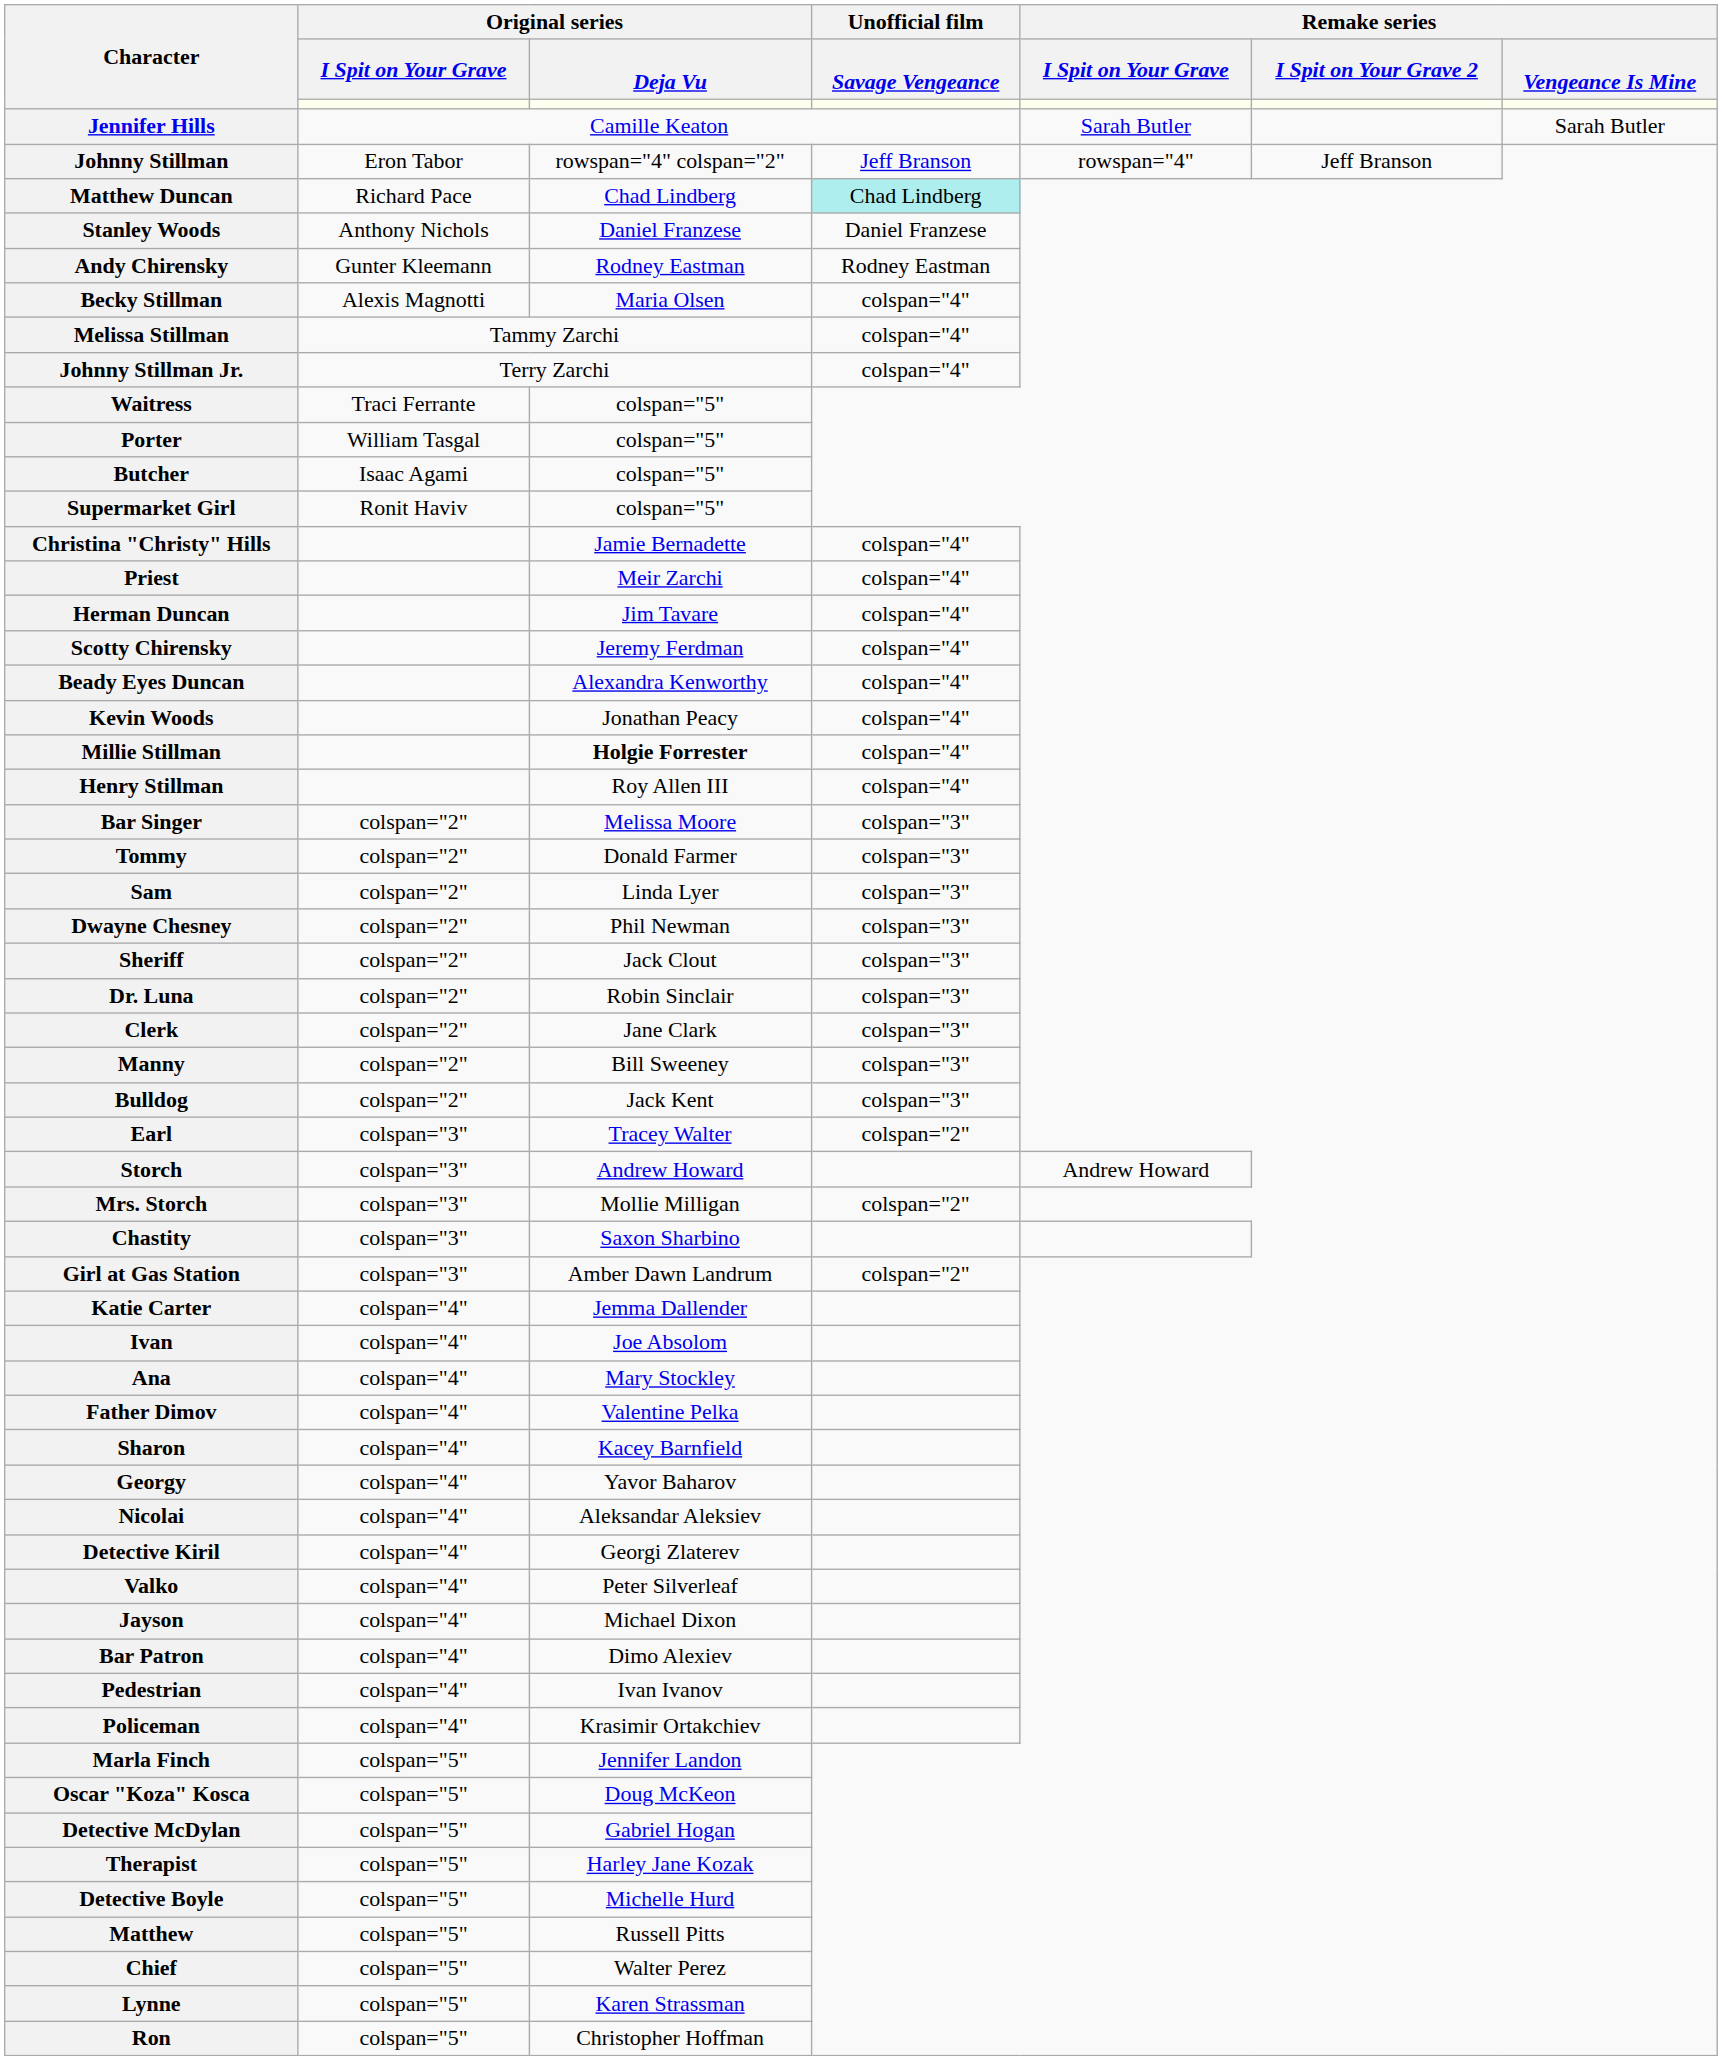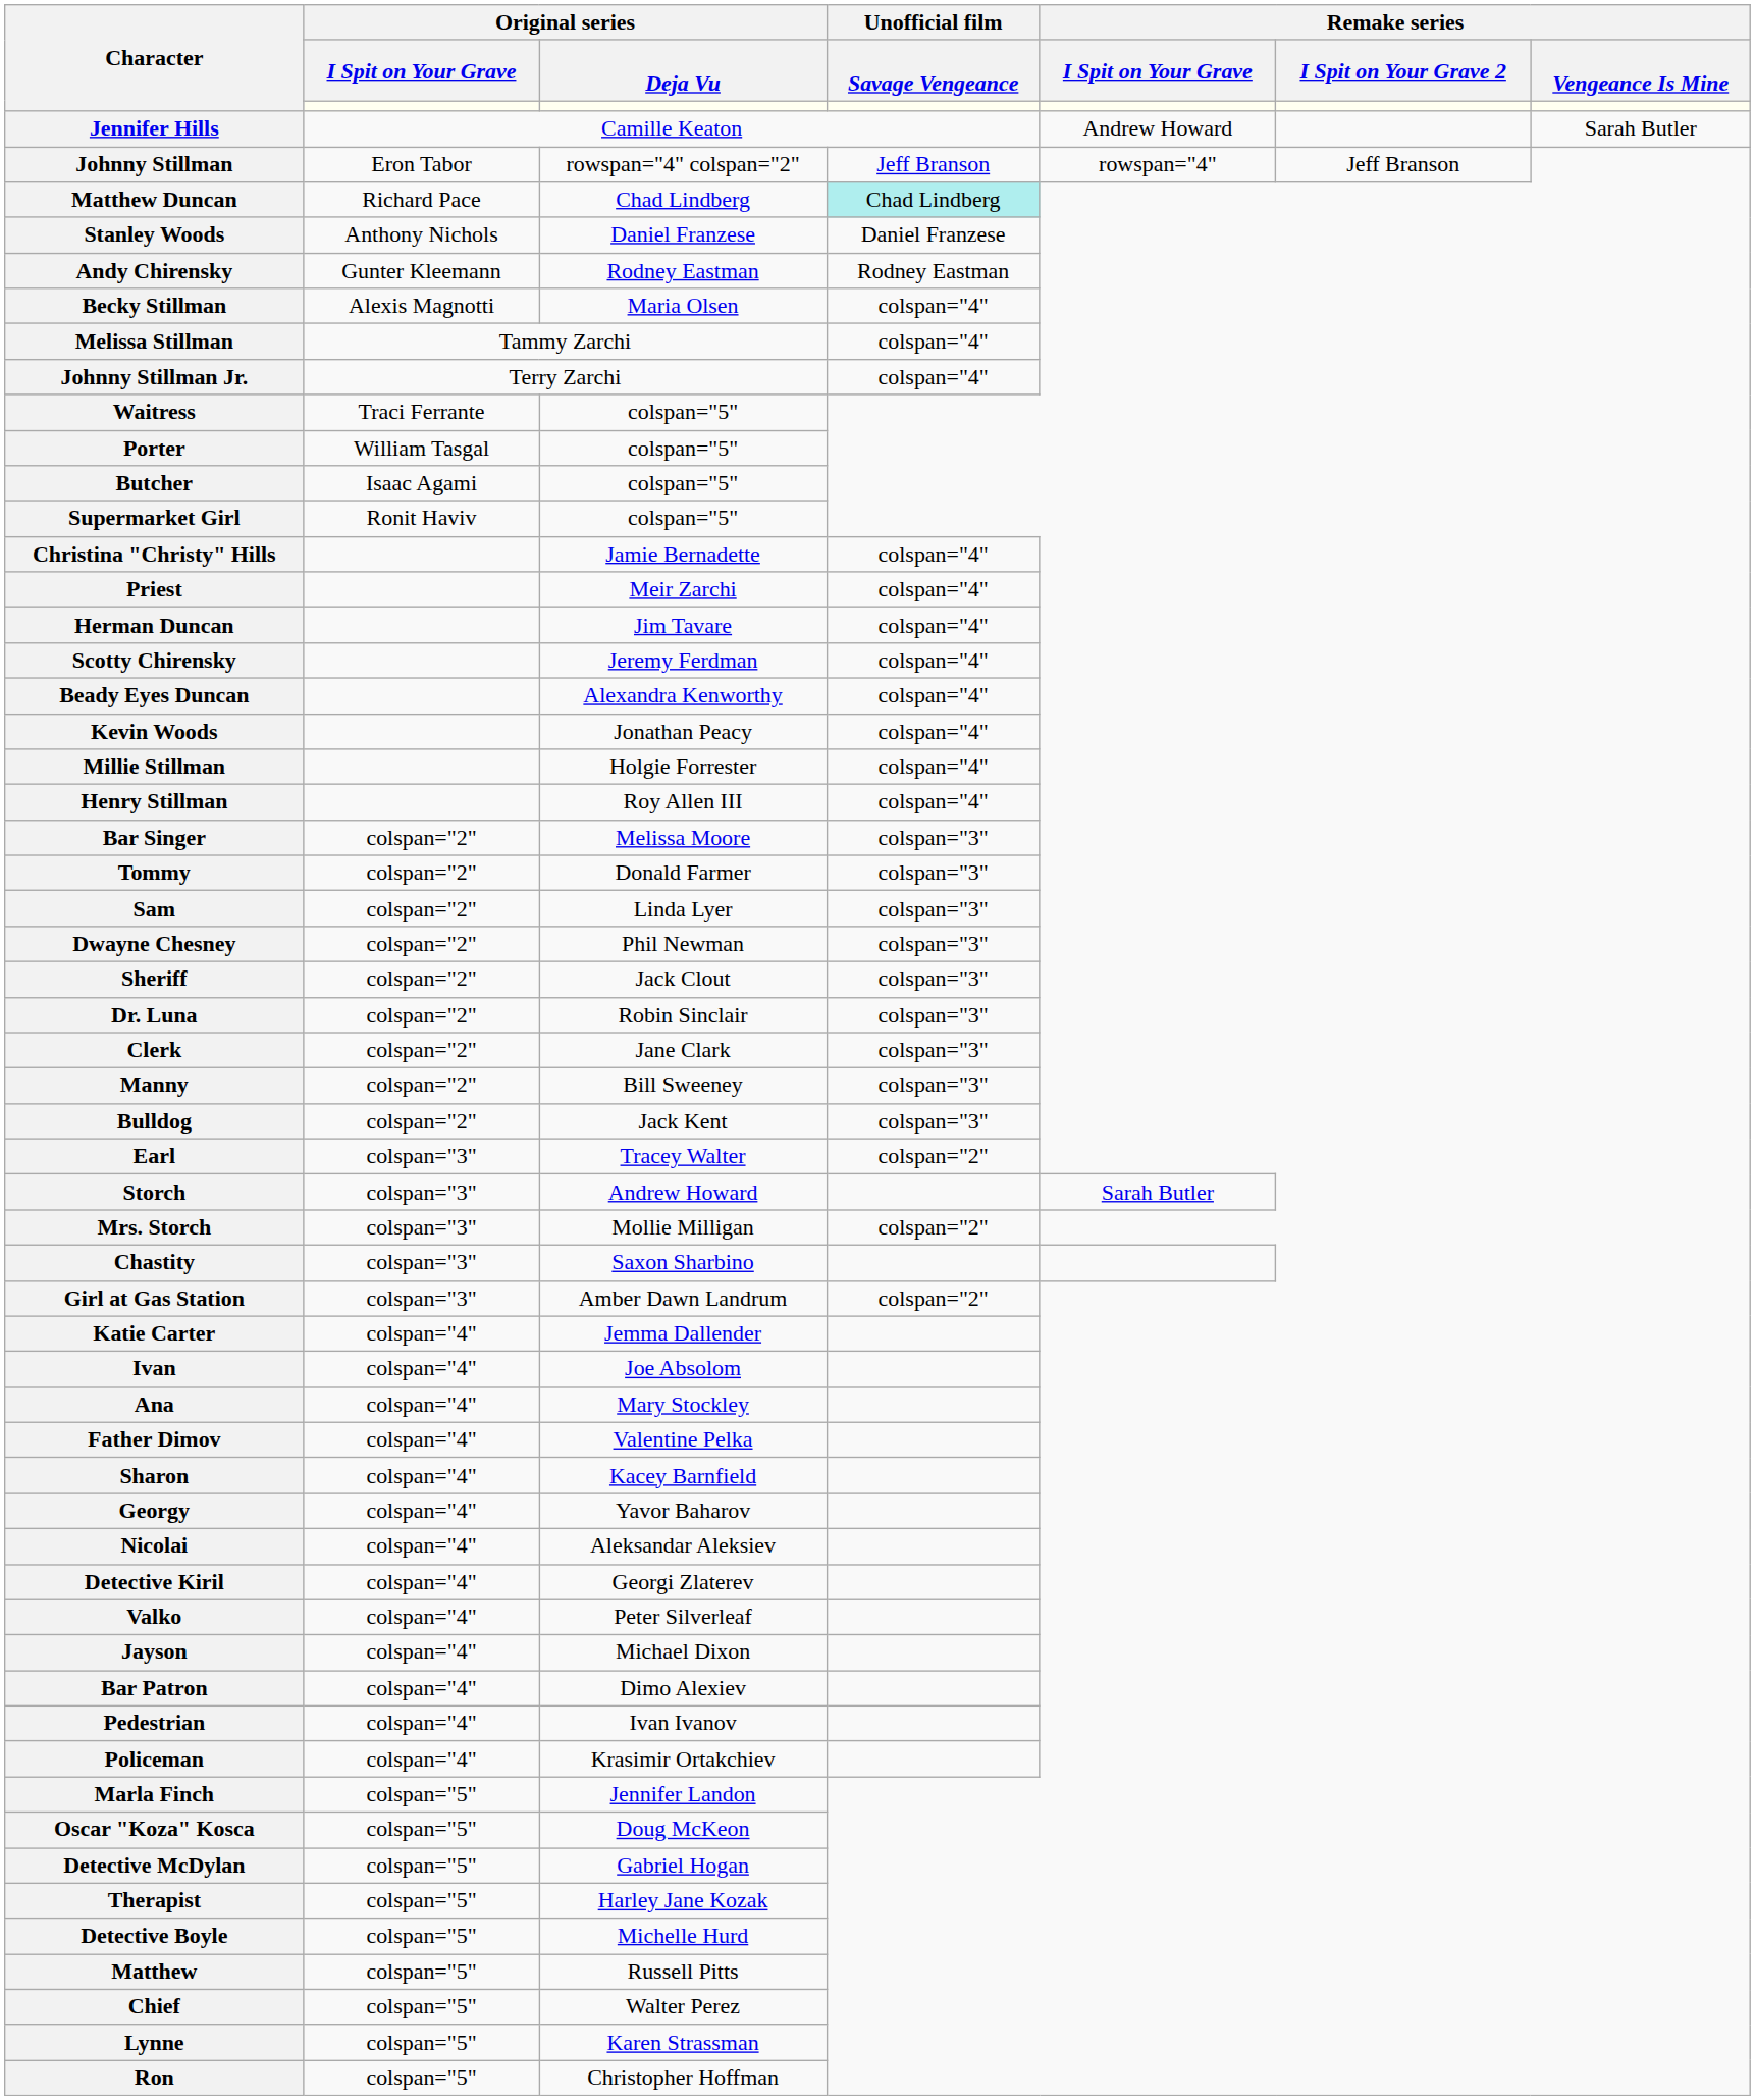 <table class="wikitable" style="text-align:center; width:99%;">
 <tr>
 <th rowspan="3">Character</th>
 <th colspan="2" style="text-align:center;">Original series</th>
 <th style="text-align:center;">Unofficial film</th>
 <th colspan="3" style="text-align:center;">Remake series</th>
 </tr>
 <tr>
 <th style="text-align:center;"><em><a href='#'>I Spit on Your Grave</a></em></th>
 <th style="text-align:center;"><a href='#'><em><br>Deja Vu</em></a></th>
 <th style="text-align:center;"><a href='#'><em><br>Savage Vengeance</em></a></th>
 <th style="text-align:center;"><a href='#'><em>I Spit on Your Grave</em></a></th>
 <th style="text-align:center;"><em><a href='#'>I Spit on Your Grave 2</a></em></th>
 <th style="text-align:center;"><a href='#'><em><br>Vengeance Is Mine</em></a></th>
 </tr>
 <tr>
 <th style="background:ivory;"><span></span></th>
 <th style="background:ivory;"><span></span></th>
 <th style="background:ivory;"><span></span></th>
 <th style="background:ivory;"><span></span></th>
 <th style="background:ivory;"><span></span></th>
 <th style="background:ivory;"><span></span></th>
 </tr>
 <tr>
 <th><a href='#'>Jennifer Hills<br></a></th>
 <td colspan="3"><a href='#'>Camille Keaton</a></td>
-<td><a href='#'>Sarah Butler</a></td>
+<td>Andrew Howard</td>
 <td></td>
 <td>Sarah Butler</td>
 </tr>
 <tr>
 <th>Johnny Stillman</th>
 <td>Eron Tabor</td>
 <td>rowspan="4" colspan="2" </td>
 <td><a href='#'>Jeff Branson</a></td>
 <td>rowspan="4" </td>
 <td>Jeff Branson</td>
 </tr>
 <tr>
 <th>Matthew Duncan</th>
 <td>Richard Pace</td>
 <td><a href='#'>Chad Lindberg</a></td>
 <td style="background: paleturquoise;">Chad Lindberg</td>
 </tr>
 <tr>
 <th>Stanley Woods</th>
 <td>Anthony Nichols</td>
 <td><a href='#'>Daniel Franzese</a></td>
 <td>Daniel Franzese</td>
 </tr>
 <tr>
 <th>Andy Chirensky</th>
 <td>Gunter Kleemann</td>
 <td><a href='#'>Rodney Eastman</a></td>
 <td>Rodney Eastman</td>
 </tr>
 <tr>
 <th>Becky Stillman</th>
 <td>Alexis Magnotti</td>
 <td><a href='#'>Maria Olsen</a></td>
 <td>colspan="4" </td>
 </tr>
 <tr>
 <th>Melissa Stillman</th>
 <td colspan="2">Tammy Zarchi</td>
 <td>colspan="4" </td>
 </tr>
 <tr>
 <th>Johnny Stillman Jr.</th>
 <td colspan="2">Terry Zarchi</td>
 <td>colspan="4" </td>
 </tr>
 <tr>
 <th>Waitress</th>
 <td>Traci Ferrante</td>
 <td>colspan="5" </td>
 </tr>
 <tr>
 <th>Porter</th>
 <td>William Tasgal</td>
 <td>colspan="5" </td>
 </tr>
 <tr>
 <th>Butcher</th>
 <td>Isaac Agami</td>
 <td>colspan="5" </td>
 </tr>
 <tr>
 <th>Supermarket Girl</th>
 <td>Ronit Haviv</td>
 <td>colspan="5" </td>
 </tr>
 <tr>
 <th>Christina "Christy" Hills</th>
 <td></td>
 <td><a href='#'>Jamie Bernadette</a></td>
 <td>colspan="4" </td>
 </tr>
 <tr>
 <th>Priest</th>
 <td></td>
 <td><a href='#'>Meir Zarchi</a></td>
 <td>colspan="4" </td>
 </tr>
 <tr>
 <th>Herman Duncan</th>
 <td></td>
 <td><a href='#'>Jim Tavare</a></td>
 <td>colspan="4" </td>
 </tr>
 <tr>
 <th>Scotty Chirensky</th>
 <td></td>
 <td><a href='#'>Jeremy Ferdman</a></td>
 <td>colspan="4" </td>
 </tr>
 <tr>
 <th>Beady Eyes Duncan</th>
 <td></td>
 <td><a href='#'>Alexandra Kenworthy</a></td>
 <td>colspan="4" </td>
 </tr>
 <tr>
 <th>Kevin Woods</th>
 <td></td>
 <td>Jonathan Peacy</td>
 <td>colspan="4" </td>
 </tr>
 <tr>
 <th>Millie Stillman</th>
 <td></td>
-<td><strong>Holgie Forrester</strong></td>
+<td>Holgie Forrester</td>
 <td>colspan="4" </td>
 </tr>
 <tr>
 <th>Henry Stillman</th>
 <td></td>
 <td>Roy Allen III</td>
 <td>colspan="4" </td>
 </tr>
 <tr>
 <th>Bar Singer</th>
 <td>colspan="2" </td>
 <td><a href='#'>Melissa Moore</a></td>
 <td>colspan="3" </td>
 </tr>
 <tr>
 <th>Tommy</th>
 <td>colspan="2" </td>
 <td>Donald Farmer</td>
 <td>colspan="3" </td>
 </tr>
 <tr>
 <th>Sam</th>
 <td>colspan="2" </td>
 <td>Linda Lyer</td>
 <td>colspan="3" </td>
 </tr>
 <tr>
 <th>Dwayne Chesney</th>
 <td>colspan="2" </td>
 <td>Phil Newman</td>
 <td>colspan="3" </td>
 </tr>
 <tr>
 <th>Sheriff</th>
 <td>colspan="2" </td>
 <td>Jack Clout</td>
 <td>colspan="3" </td>
 </tr>
 <tr>
 <th>Dr. Luna</th>
 <td>colspan="2" </td>
 <td>Robin Sinclair</td>
 <td>colspan="3" </td>
 </tr>
 <tr>
 <th>Clerk</th>
 <td>colspan="2" </td>
 <td>Jane Clark</td>
 <td>colspan="3" </td>
 </tr>
 <tr>
 <th>Manny</th>
 <td>colspan="2" </td>
 <td>Bill Sweeney</td>
 <td>colspan="3" </td>
 </tr>
 <tr>
 <th>Bulldog</th>
 <td>colspan="2" </td>
 <td>Jack Kent</td>
 <td>colspan="3" </td>
 </tr>
 <tr>
 <th>Earl</th>
 <td>colspan="3" </td>
 <td><a href='#'>Tracey Walter</a></td>
 <td>colspan="2" </td>
 </tr>
 <tr>
 <th>Storch</th>
 <td>colspan="3" </td>
 <td><a href='#'>Andrew Howard</a></td>
 <td></td>
-<td>Andrew Howard</td>
+<td><a href='#'>Sarah Butler</a></td>
 </tr>
 <tr>
 <th>Mrs. Storch</th>
 <td>colspan="3" </td>
 <td>Mollie Milligan</td>
 <td>colspan="2" </td>
 </tr>
 <tr>
 <th>Chastity</th>
 <td>colspan="3" </td>
 <td><a href='#'>Saxon Sharbino</a></td>
 <td></td>
 <td></td>
 </tr>
 <tr>
 <th>Girl at Gas Station</th>
 <td>colspan="3" </td>
 <td>Amber Dawn Landrum</td>
 <td>colspan="2" </td>
 </tr>
 <tr>
 <th>Katie Carter</th>
 <td>colspan="4" </td>
 <td><a href='#'>Jemma Dallender</a></td>
 <td></td>
 </tr>
 <tr>
 <th>Ivan</th>
 <td>colspan="4" </td>
 <td><a href='#'>Joe Absolom</a></td>
 <td></td>
 </tr>
 <tr>
 <th>Ana</th>
 <td>colspan="4" </td>
 <td><a href='#'>Mary Stockley</a></td>
 <td></td>
 </tr>
 <tr>
 <th>Father Dimov</th>
 <td>colspan="4" </td>
 <td><a href='#'>Valentine Pelka</a></td>
 <td></td>
 </tr>
 <tr>
 <th>Sharon</th>
 <td>colspan="4" </td>
 <td><a href='#'>Kacey Barnfield</a></td>
 <td></td>
 </tr>
 <tr>
 <th>Georgy</th>
 <td>colspan="4" </td>
 <td>Yavor Baharov</td>
 <td></td>
 </tr>
 <tr>
 <th>Nicolai</th>
 <td>colspan="4" </td>
 <td>Aleksandar Aleksiev</td>
 <td></td>
 </tr>
 <tr>
 <th>Detective Kiril</th>
 <td>colspan="4" </td>
 <td>Georgi Zlaterev</td>
 <td></td>
 </tr>
 <tr>
 <th>Valko</th>
 <td>colspan="4" </td>
 <td>Peter Silverleaf</td>
 <td></td>
 </tr>
 <tr>
 <th>Jayson</th>
 <td>colspan="4" </td>
 <td>Michael Dixon</td>
 <td></td>
 </tr>
 <tr>
 <th>Bar Patron</th>
 <td>colspan="4" </td>
 <td>Dimo Alexiev</td>
 <td></td>
 </tr>
 <tr>
 <th>Pedestrian</th>
 <td>colspan="4" </td>
 <td>Ivan Ivanov</td>
 <td></td>
 </tr>
 <tr>
 <th>Policeman</th>
 <td>colspan="4" </td>
 <td>Krasimir Ortakchiev</td>
 <td></td>
 </tr>
 <tr>
 <th>Marla Finch</th>
 <td>colspan="5" </td>
 <td><a href='#'>Jennifer Landon</a></td>
 </tr>
 <tr>
 <th>Oscar "Koza" Kosca</th>
 <td>colspan="5" </td>
 <td><a href='#'>Doug McKeon</a></td>
 </tr>
 <tr>
 <th>Detective McDylan</th>
 <td>colspan="5" </td>
 <td><a href='#'>Gabriel Hogan</a></td>
 </tr>
 <tr>
 <th>Therapist</th>
 <td>colspan="5" </td>
 <td><a href='#'>Harley Jane Kozak</a></td>
 </tr>
 <tr>
 <th>Detective Boyle</th>
 <td>colspan="5" </td>
 <td><a href='#'>Michelle Hurd</a></td>
 </tr>
 <tr>
 <th>Matthew</th>
 <td>colspan="5" </td>
 <td>Russell Pitts</td>
 </tr>
 <tr>
 <th>Chief</th>
 <td>colspan="5" </td>
 <td>Walter Perez</td>
 </tr>
 <tr>
 <th>Lynne</th>
 <td>colspan="5" </td>
 <td><a href='#'>Karen Strassman</a></td>
 </tr>
 <tr>
 <th>Ron</th>
 <td>colspan="5" </td>
 <td>Christopher Hoffman</td>
 </tr>
 </table>
